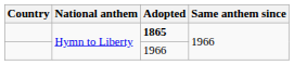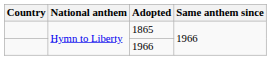 <table class="wikitable">
 <tr>
 <th>Country</th>
 <th>National anthem</th>
 <th>Adopted</th>
 <th>Same anthem since</th>
 </tr>
 <tr>
 <td></td>
 <td rowspan="2"><a href='#'>Hymn to Liberty</a></td>
-<td><strong>1865</strong></td>
+<td>1865</td>
 <td rowspan="2">1966</td>
 </tr>
 <tr>
 <td></td>
 <td>1966</td>
 </tr>
 </table>
